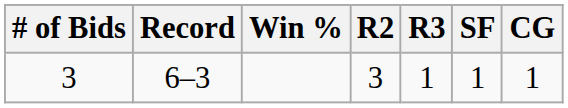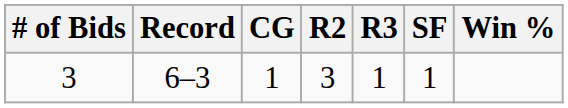 <table class="wikitable">
 <tr>
 <th># of Bids</th>
 <th>Record</th>
-<th>Win %</th>
+<th>CG</th>
 <th>R2</th>
 <th>R3</th>
 <th>SF</th>
-<th>CG</th>
+<th>Win %</th>
 </tr>
 <tr align="center">
 <td>3</td>
 <td>6–3</td>
-<td></td>
+<td>1</td>
 <td>3</td>
 <td>1</td>
 <td>1</td>
-<td>1</td>
+<td></td>
 </tr>
 </table>
